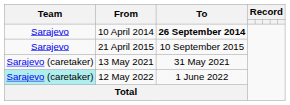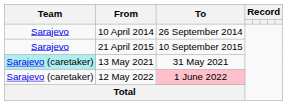 <table class="wikitable" style="text-align: center">
 <tr>
 <th rowspan="2">Team</th>
 <th rowspan="2">From</th>
 <th rowspan="2">To</th>
 <th colspan="6">Record</th>
 </tr>
 <tr>
 <th></th>
 <th></th>
 <th></th>
 <th></th>
 <th></th>
 </tr>
 <tr>
 <td><a href='#'>Sarajevo</a></td>
 <td>10 April 2014</td>
-<td><strong>26 September 2014<br></strong></td>
+<td>26 September 2014<br></td>
 </tr>
 <tr>
 <td><a href='#'>Sarajevo</a></td>
 <td>21 April 2015</td>
 <td>10 September 2015<br></td>
 </tr>
 <tr>
-<td><a href='#'>Sarajevo</a> (caretaker)</td>
+<td style="background: paleturquoise;"><a href='#'>Sarajevo</a> (caretaker)</td>
 <td>13 May 2021</td>
 <td>31 May 2021<br></td>
 </tr>
 <tr>
-<td style="background: paleturquoise;"><a href='#'>Sarajevo</a> (caretaker)</td>
+<td><a href='#'>Sarajevo</a> (caretaker)</td>
 <td>12 May 2022</td>
-<td>1 June 2022<br></td>
+<td style="background: pink;">1 June 2022<br></td>
 </tr>
 <tr>
 <th colspan="3">Total<br></th>
 </tr>
 </table>
